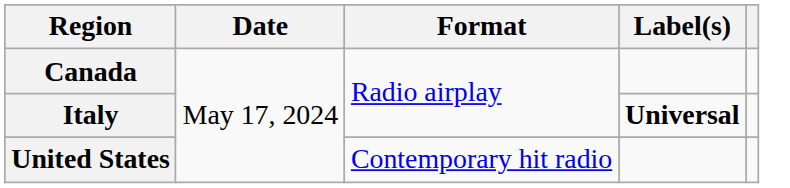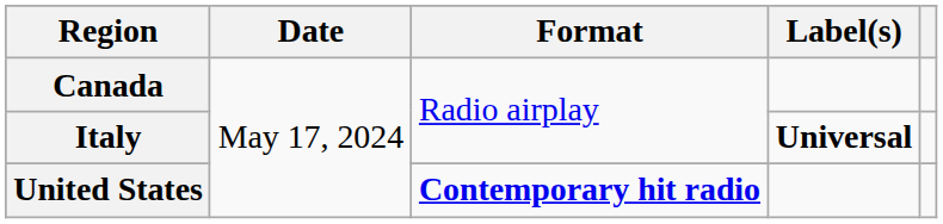 <table class="wikitable plainrowheaders">
 <tr>
 <th scope="col">Region</th>
 <th scope="col">Date</th>
 <th scope="col">Format</th>
 <th scope="col">Label(s)</th>
 <th scope="col"></th>
 </tr>
 <tr>
 <th scope="row">Canada</th>
 <td rowspan="3">May 17, 2024</td>
 <td rowspan="2"><a href='#'>Radio airplay</a></td>
 <td></td>
 <td style="text-align:center;"></td>
 </tr>
 <tr>
 <th scope="row">Italy</th>
 <td><strong>Universal</strong></td>
 <td style="text-align:center;"></td>
 </tr>
 <tr>
 <th scope="row">United States</th>
-<td><a href='#'>Contemporary hit radio</a></td>
+<td><strong><a href='#'>Contemporary hit radio</a></strong></td>
 <td></td>
 <td style="text-align:center;"></td>
 </tr>
 </table>
